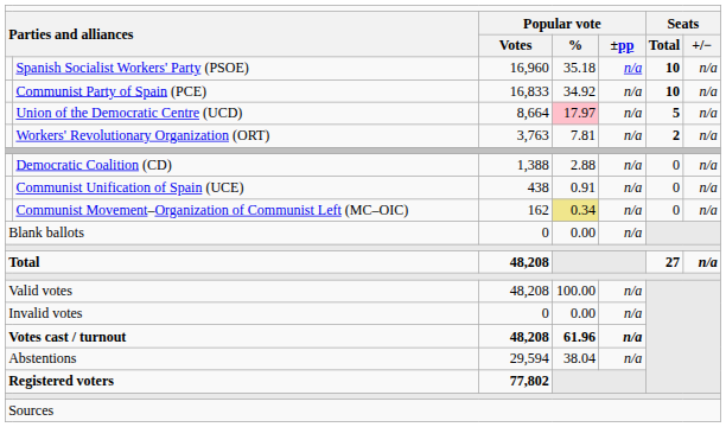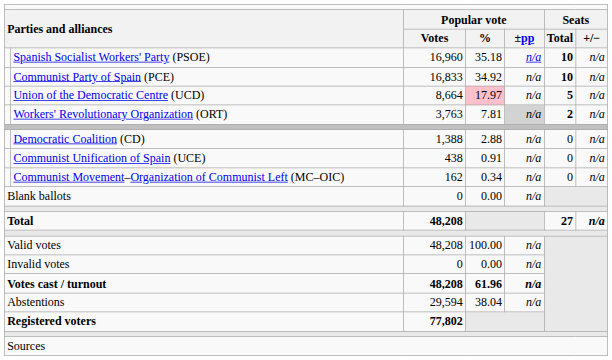 <table class="wikitable" style="text-align:right;">
 <tr>
 <td colspan="7"></td>
 </tr>
 <tr>
 <th style="text-align:left;" rowspan="2" colspan="2" width="525">Parties and alliances</th>
 <th colspan="3">Popular vote</th>
 <th colspan="2">Seats</th>
 </tr>
 <tr>
 <th width="75">Votes</th>
 <th width="45">%</th>
 <th width="45">±<a href='#'>pp</a></th>
 <th width="35">Total</th>
 <th width="35">+/−</th>
 </tr>
 <tr>
 <td width="1" style="color:inherit;background:"></td>
 <td align="left"><a href='#'>Spanish Socialist Workers' Party</a> (PSOE)</td>
 <td>16,960</td>
 <td>35.18</td>
 <td><em><a href='#'>n/a</a></em></td>
 <td><strong>10</strong></td>
 <td><em>n/a</em></td>
 </tr>
 <tr>
 <td style="color:inherit;background:"></td>
 <td align="left"><a href='#'>Communist Party of Spain</a> (PCE)</td>
 <td>16,833</td>
 <td>34.92</td>
 <td><em>n/a</em></td>
 <td><strong>10</strong></td>
 <td><em>n/a</em></td>
 </tr>
 <tr>
 <td style="color:inherit;background:"></td>
 <td align="left"><a href='#'>Union of the Democratic Centre</a> (UCD)</td>
 <td>8,664</td>
 <td style="background: pink;">17.97</td>
 <td><em>n/a</em></td>
 <td><strong>5</strong></td>
 <td><em>n/a</em></td>
 </tr>
 <tr>
 <td style="color:inherit;background:"></td>
 <td align="left"><a href='#'>Workers' Revolutionary Organization</a> (ORT)</td>
 <td>3,763</td>
 <td>7.81</td>
-<td><em>n/a</em></td>
+<td style="background: lightgrey;"><em>n/a</em></td>
 <td><strong>2</strong></td>
 <td><em>n/a</em></td>
 </tr>
 <tr>
 <td colspan="7" bgcolor="#C0C0C0"></td>
 </tr>
 <tr>
 <td style="color:inherit;background:"></td>
 <td align="left"><a href='#'>Democratic Coalition</a> (CD)</td>
 <td>1,388</td>
 <td>2.88</td>
 <td><em>n/a</em></td>
 <td>0</td>
 <td><em>n/a</em></td>
 </tr>
 <tr>
 <td style="color:inherit;background:"></td>
 <td align="left"><a href='#'>Communist Unification of Spain</a> (UCE)</td>
 <td>438</td>
 <td>0.91</td>
 <td><em>n/a</em></td>
 <td>0</td>
 <td><em>n/a</em></td>
 </tr>
 <tr>
 <td style="color:inherit;background:"></td>
 <td align="left"><a href='#'>Communist Movement</a>–<a href='#'>Organization of Communist Left</a> (MC–OIC)</td>
 <td>162</td>
-<td style="background: khaki;">0.34</td>
+<td>0.34</td>
 <td><em>n/a</em></td>
 <td>0</td>
 <td><em>n/a</em></td>
 </tr>
 <tr>
 <td align="left" colspan="2">Blank ballots</td>
 <td>0</td>
 <td>0.00</td>
 <td><em>n/a</em></td>
 <td bgcolor="#E9E9E9" colspan="2"></td>
 </tr>
 <tr>
 <td colspan="7" bgcolor="#E9E9E9"></td>
 </tr>
 <tr style="font-weight:bold;">
 <td align="left" colspan="2">Total</td>
 <td>48,208</td>
 <td bgcolor="#E9E9E9" colspan="2"></td>
 <td>27</td>
 <td><em>n/a</em></td>
 </tr>
 <tr>
 <td colspan="7" bgcolor="#E9E9E9"></td>
 </tr>
 <tr>
 <td align="left" colspan="2">Valid votes</td>
 <td>48,208</td>
 <td>100.00</td>
 <td><em>n/a</em></td>
 <td bgcolor="#E9E9E9" colspan="2" rowspan="5"></td>
 </tr>
 <tr>
 <td align="left" colspan="2">Invalid votes</td>
 <td>0</td>
 <td>0.00</td>
 <td><em>n/a</em></td>
 </tr>
 <tr style="font-weight:bold;">
 <td align="left" colspan="2">Votes cast / turnout</td>
 <td>48,208</td>
 <td>61.96</td>
 <td><em>n/a</em></td>
 </tr>
 <tr>
 <td align="left" colspan="2">Abstentions</td>
 <td>29,594</td>
 <td>38.04</td>
 <td><em>n/a</em></td>
 </tr>
 <tr style="font-weight:bold;">
 <td align="left" colspan="2">Registered voters</td>
 <td>77,802</td>
 <td bgcolor="#E9E9E9" colspan="2"></td>
 </tr>
 <tr>
 <td colspan="7" bgcolor="#E9E9E9"></td>
 </tr>
 <tr>
 <td align="left" colspan="7">Sources</td>
 </tr>
 </table>
